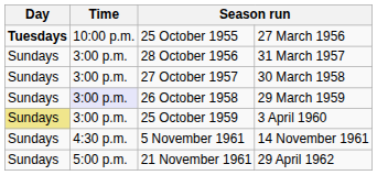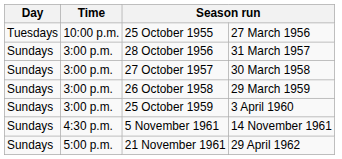 <table class="wikitable">
 <tr>
 <th>Day</th>
 <th>Time</th>
 <th colspan="2">Season run</th>
 </tr>
 <tr>
-<td><strong>Tuesdays</strong></td>
+<td>Tuesdays</td>
 <td>10:00 p.m.</td>
 <td>25 October 1955</td>
 <td>27 March 1956</td>
 </tr>
 <tr>
 <td>Sundays</td>
 <td>3:00 p.m.</td>
 <td>28 October 1956</td>
 <td>31 March 1957</td>
 </tr>
 <tr>
 <td>Sundays</td>
 <td>3:00 p.m.</td>
 <td>27 October 1957</td>
 <td>30 March 1958</td>
 </tr>
 <tr>
 <td>Sundays</td>
-<td style="background: lavender;">3:00 p.m.</td>
+<td>3:00 p.m.</td>
 <td>26 October 1958</td>
 <td>29 March 1959</td>
 </tr>
 <tr>
-<td style="background: khaki;">Sundays</td>
+<td>Sundays</td>
 <td>3:00 p.m.</td>
 <td>25 October 1959</td>
 <td>3 April 1960</td>
 </tr>
 <tr>
 <td>Sundays</td>
 <td>4:30 p.m.</td>
 <td>5 November 1961</td>
 <td>14 November 1961</td>
 </tr>
 <tr>
 <td>Sundays</td>
 <td>5:00 p.m.</td>
 <td>21 November 1961</td>
 <td>29 April 1962</td>
 </tr>
 </table>
